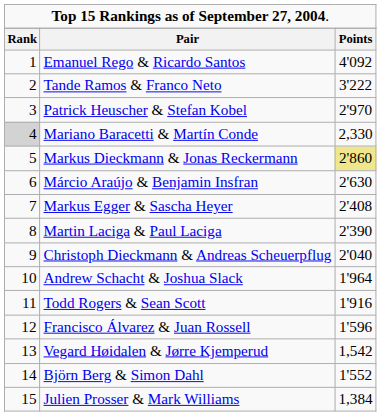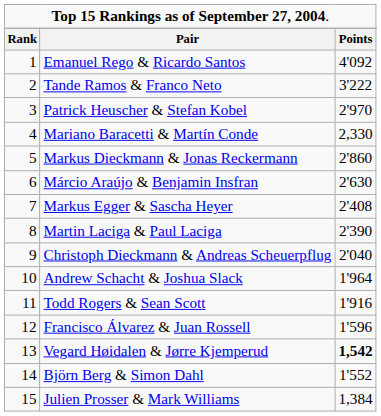 <table class="wikitable">
 <tr>
 <td colspan=4 align="center"><strong>Top 15 Rankings as of September 27, 2004</strong>.</td>
 </tr>
 <tr>
 </tr>
 <tr style="font-size:10pt;font-weight:bold">
 <th>Rank</th>
 <th>Pair</th>
 <th>Points</th>
 </tr>
 <tr>
 <td align=right>1</td>
 <td> <a href='#'>Emanuel Rego</a> & <a href='#'>Ricardo Santos</a></td>
 <td align=center>4'092</td>
 </tr>
 <tr>
 <td align=right>2</td>
 <td> <a href='#'>Tande Ramos</a> & <a href='#'>Franco Neto</a></td>
 <td align=center>3'222</td>
 </tr>
 <tr>
 <td align=right>3</td>
 <td> <a href='#'>Patrick Heuscher</a> & <a href='#'>Stefan Kobel</a></td>
 <td align=center>2'970</td>
 </tr>
 <tr>
-<td align=right style="background: lightgrey;">4</td>
+<td align=right>4</td>
 <td> <a href='#'>Mariano Baracetti</a> & <a href='#'>Martín Conde</a></td>
 <td align=center>2,330</td>
 </tr>
 <tr>
 <td align=right>5</td>
 <td> <a href='#'>Markus Dieckmann</a> & <a href='#'>Jonas Reckermann</a></td>
-<td align=center style="background: khaki;">2'860</td>
+<td align=center>2'860</td>
 </tr>
 <tr>
 <td align=right>6</td>
 <td> <a href='#'>Márcio Araújo</a> & <a href='#'>Benjamin Insfran</a></td>
 <td align=center>2'630</td>
 </tr>
 <tr>
 <td align=right>7</td>
 <td> <a href='#'>Markus Egger</a> & <a href='#'>Sascha Heyer</a></td>
 <td align=center>2'408</td>
 </tr>
 <tr>
 <td align=right>8</td>
 <td> <a href='#'>Martin Laciga</a> & <a href='#'>Paul Laciga</a></td>
 <td align=center>2'390</td>
 </tr>
 <tr>
 <td align=right>9</td>
 <td> <a href='#'>Christoph Dieckmann</a> & <a href='#'>Andreas Scheuerpflug</a></td>
 <td align=center>2'040</td>
 </tr>
 <tr>
 <td align=right>10</td>
 <td> <a href='#'>Andrew Schacht</a> & <a href='#'>Joshua Slack</a></td>
 <td align=center>1'964</td>
 </tr>
 <tr>
 <td align=right>11</td>
 <td> <a href='#'>Todd Rogers</a> & <a href='#'>Sean Scott</a></td>
 <td align=center>1'916</td>
 </tr>
 <tr>
 <td align=right>12</td>
 <td> <a href='#'>Francisco Álvarez</a> & <a href='#'>Juan Rossell</a></td>
 <td align=center>1'596</td>
 </tr>
 <tr>
 <td align=right>13</td>
 <td> <a href='#'>Vegard Høidalen</a> & <a href='#'>Jørre Kjemperud</a></td>
-<td align=center>1,542</td>
+<td align=center><strong>1,542</strong></td>
 </tr>
 <tr>
 <td align=right>14</td>
 <td> <a href='#'>Björn Berg</a> & <a href='#'>Simon Dahl</a></td>
 <td align=center>1'552</td>
 </tr>
 <tr>
 <td align=right>15</td>
 <td> <a href='#'>Julien Prosser</a> & <a href='#'>Mark Williams</a></td>
 <td align=center>1,384</td>
 </tr>
 </table>
